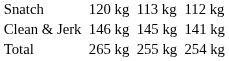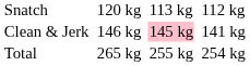 <table>
 <tr>
 <td>Snatch</td>
 <td></td>
 <td>120 kg</td>
 <td></td>
 <td>113 kg</td>
 <td></td>
 <td>112 kg</td>
 </tr>
 <tr>
 <td>Clean & Jerk</td>
 <td></td>
 <td>146 kg</td>
 <td></td>
-<td>145 kg</td>
+<td style="background: pink;">145 kg</td>
 <td></td>
 <td>141 kg</td>
 </tr>
 <tr>
 <td>Total</td>
 <td></td>
 <td>265 kg</td>
 <td></td>
 <td>255 kg</td>
 <td></td>
 <td>254 kg</td>
 </tr>
 </table>
